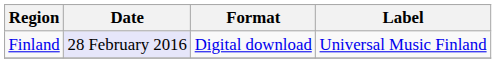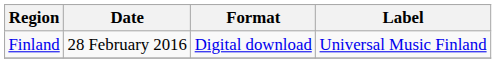 <table class=wikitable>
 <tr>
 <th>Region</th>
 <th>Date</th>
 <th>Format</th>
 <th>Label</th>
 </tr>
 <tr>
 <td><a href='#'>Finland</a></td>
-<td style="background: lavender;">28 February 2016</td>
+<td>28 February 2016</td>
 <td><a href='#'>Digital download</a></td>
 <td><a href='#'>Universal Music Finland</a></td>
 </tr>
 <tr>
 </tr>
 </table>
